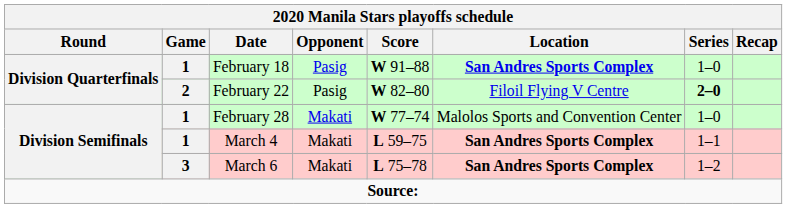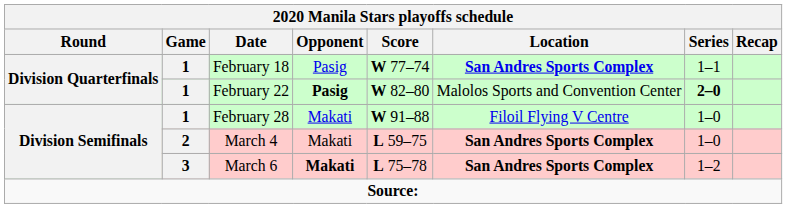 <table class="wikitable" style="text-align:center">
 <tr>
 <th colspan=8>2020 Manila Stars playoffs schedule</th>
 </tr>
 <tr>
 <th>Round</th>
 <th>Game</th>
 <th>Date</th>
 <th>Opponent</th>
 <th>Score</th>
 <th>Location</th>
 <th>Series</th>
 <th>Recap<br></th>
 </tr>
 <tr style="background:#cfc">
 <th rowspan=2>Division Quarterfinals</th>
 <th>1</th>
 <td>February 18</td>
 <td><a href='#'>Pasig</a></td>
-<td><strong>W</strong> 91–88</td>
+<td><strong>W</strong> 77–74</td>
 <td><strong><a href='#'>San Andres Sports Complex</a></strong></td>
-<td>1–0</td>
+<td>1–1</td>
 <td></td>
 </tr>
 <tr style="background:#cfc">
-<th>2</th>
+<th>1</th>
 <td>February 22</td>
-<td>Pasig</td>
+<td><strong>Pasig</strong></td>
 <td><strong>W</strong> 82–80</td>
-<td><a href='#'>Filoil Flying V Centre</a></td>
+<td>Malolos Sports and Convention Center</td>
 <td><strong>2–0</strong></td>
 <td><br></td>
 </tr>
 <tr style="background:#cfc">
 <th rowspan=3>Division Semifinals</th>
 <th>1</th>
 <td>February 28</td>
 <td><a href='#'>Makati</a></td>
-<td><strong>W</strong> 77–74</td>
-<td>Malolos Sports and Convention Center</td>
+<td><strong>W</strong> 91–88</td>
+<td><a href='#'>Filoil Flying V Centre</a></td>
 <td>1–0</td>
 <td></td>
 </tr>
 <tr style="background:#fcc">
-<th>1</th>
+<th>2</th>
 <td>March 4</td>
 <td>Makati</td>
 <td><strong>L</strong> 59–75</td>
 <td><strong>San Andres Sports Complex</strong></td>
-<td>1–1</td>
+<td>1–0</td>
 <td></td>
 </tr>
 <tr style="background:#fcc">
 <th>3</th>
 <td>March 6</td>
-<td>Makati</td>
+<td><strong>Makati</strong></td>
 <td><strong>L</strong> 75–78</td>
 <td><strong>San Andres Sports Complex</strong></td>
 <td>1–2</td>
 <td></td>
 </tr>
 <tr>
 <td colspan=8 align=center><strong>Source: </strong></td>
 </tr>
 </table>
